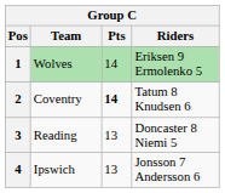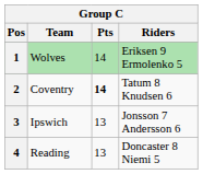 <table class="wikitable">
 <tr>
 <th colspan="4">Group C</th>
 </tr>
 <tr>
 <th width=20>Pos</th>
 <th width=80>Team</th>
 <th width=30>Pts</th>
 <th width=100>Riders</th>
 </tr>
 <tr style="background:#ACE1AF;">
 <th>1</th>
 <td>Wolves</td>
 <td>14</td>
 <td>Eriksen 9<br>Ermolenko 5</td>
 </tr>
 <tr>
 <th>2</th>
 <td>Coventry</td>
 <td><strong>14</strong></td>
 <td>Tatum 8<br> Knudsen 6</td>
 </tr>
 <tr>
 <th>3</th>
+<td>Ipswich</td>
+<td>13</td>
+<td>Jonsson 7<br>Andersson 6</td>
+</tr>
+<tr>
+<th>4</th>
 <td>Reading</td>
 <td>13</td>
 <td>Doncaster 8<br>Niemi 5</td>
 </tr>
-<tr>
-<th>4</th>
-<td>Ipswich</td>
-<td>13</td>
-<td>Jonsson 7<br>Andersson 6</td>
-</tr>
 </table>
